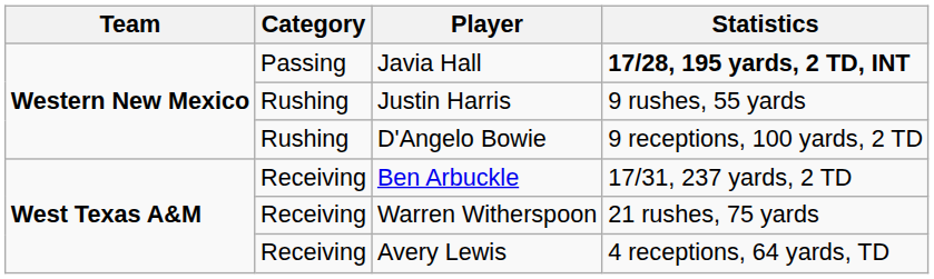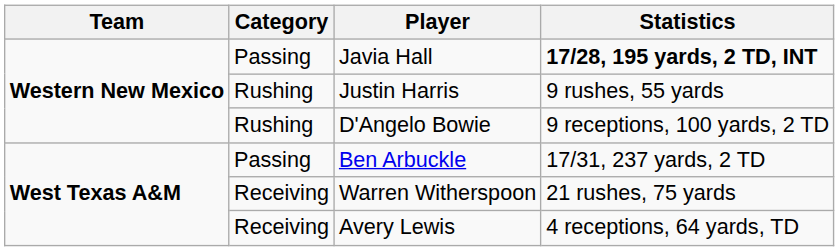 <table class="wikitable" style="float: left;">
 <tr>
 <th>Team</th>
 <th>Category</th>
 <th>Player</th>
 <th>Statistics</th>
 </tr>
 <tr>
 <td rowspan=3><strong>Western New Mexico</strong></td>
 <td>Passing</td>
 <td>Javia Hall</td>
 <td><strong>17/28, 195 yards, 2 TD, INT</strong></td>
 </tr>
 <tr>
 <td>Rushing</td>
 <td>Justin Harris</td>
 <td>9 rushes, 55 yards</td>
 </tr>
 <tr>
 <td>Rushing</td>
 <td>D'Angelo Bowie</td>
 <td>9 receptions, 100 yards, 2 TD</td>
 </tr>
 <tr>
 <td rowspan=3><strong>West Texas A&M</strong></td>
-<td>Receiving</td>
+<td>Passing</td>
 <td><a href='#'>Ben Arbuckle</a></td>
 <td>17/31, 237 yards, 2 TD</td>
 </tr>
 <tr>
 <td>Receiving</td>
 <td>Warren Witherspoon</td>
 <td>21 rushes, 75 yards</td>
 </tr>
 <tr>
 <td>Receiving</td>
 <td>Avery Lewis</td>
 <td>4 receptions, 64 yards, TD</td>
 </tr>
 </table>
